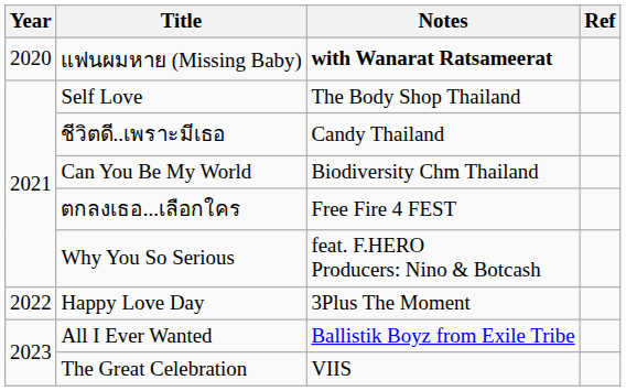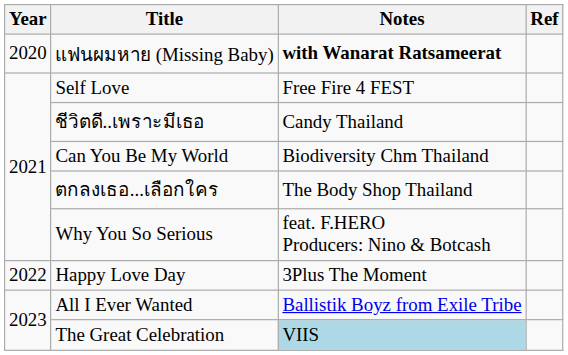 <table class="wikitable">
 <tr>
 <th>Year</th>
 <th>Title</th>
 <th>Notes</th>
 <th>Ref</th>
 </tr>
 <tr>
 <td>2020</td>
 <td>แฟนผมหาย (Missing Baby)</td>
 <td><strong>with Wanarat Ratsameerat</strong></td>
 <td></td>
 </tr>
 <tr>
 <td rowspan="5">2021</td>
 <td>Self Love</td>
-<td>The Body Shop Thailand</td>
+<td>Free Fire 4 FEST</td>
 <td></td>
 </tr>
 <tr>
 <td>ชีวิตดี..เพราะมีเธอ</td>
 <td>Candy Thailand</td>
 <td></td>
 </tr>
 <tr>
 <td>Can You Be My World</td>
 <td>Biodiversity Chm Thailand</td>
 <td></td>
 </tr>
 <tr>
 <td>ตกลงเธอ...เลือกใคร​</td>
-<td>Free Fire 4 FEST</td>
+<td>The Body Shop Thailand</td>
 <td></td>
 </tr>
 <tr>
 <td>Why You So Serious</td>
 <td>feat. F.HERO<br>Producers: Nino & Botcash</td>
 <td></td>
 </tr>
 <tr>
 <td>2022</td>
 <td>Happy Love Day</td>
 <td>3Plus The Moment</td>
 <td></td>
 </tr>
 <tr>
 <td rowspan="2">2023</td>
 <td>All I Ever Wanted</td>
 <td><a href='#'>Ballistik Boyz from Exile Tribe</a></td>
 <td></td>
 </tr>
 <tr>
 <td>The Great Celebration</td>
-<td>VIIS</td>
+<td style="background: lightblue;">VIIS</td>
 <td></td>
 </tr>
 </table>
